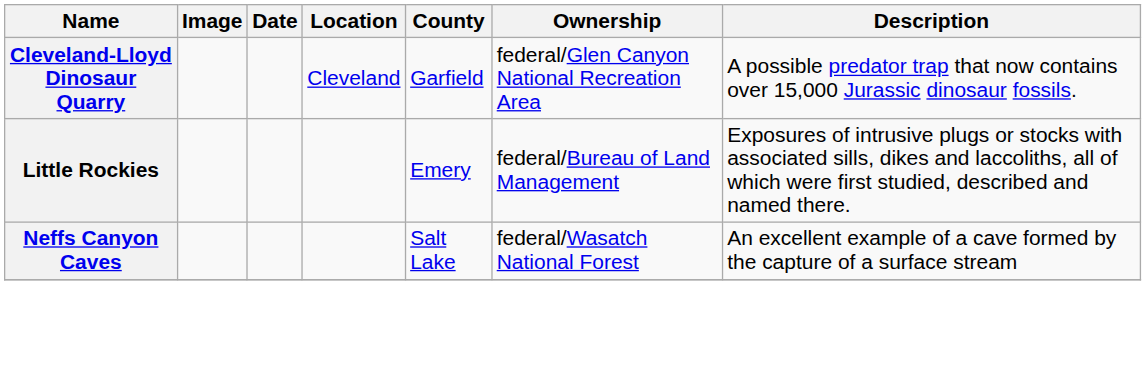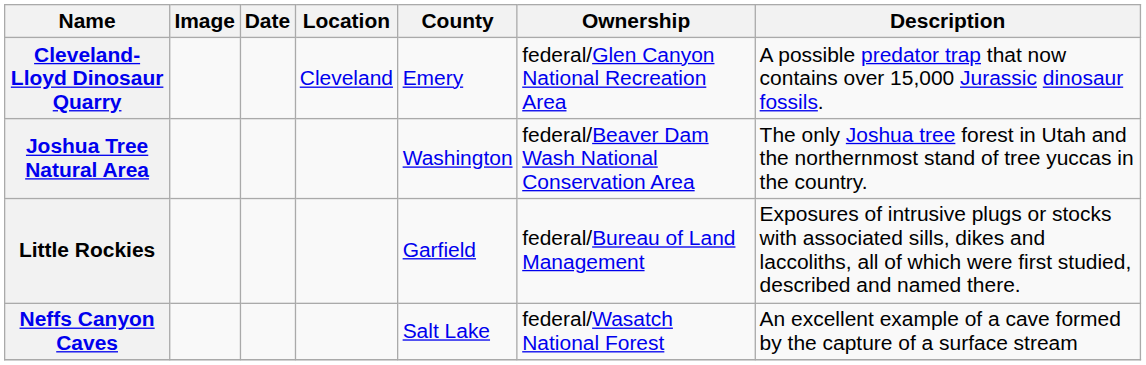 <table class="wikitable sortable" align="center">
 <tr>
 <th style="background-color:">Name</th>
 <th style="background-color:">Image</th>
 <th style="background-color:">Date</th>
 <th style="background-color:">Location</th>
 <th style="background-color:">County</th>
 <th style="background-color:">Ownership</th>
 <th style="background-color:">Description</th>
 </tr>
 <tr>
 <th><a href='#'>Cleveland-Lloyd Dinosaur Quarry</a></th>
 <td></td>
 <td></td>
 <td><a href='#'>Cleveland</a> <small></small></td>
-<td><a href='#'>Garfield</a></td>
+<td><a href='#'>Emery</a></td>
 <td>federal/<a href='#'>Glen Canyon National Recreation Area</a></td>
 <td>A possible <a href='#'>predator trap</a> that now contains over 15,000 <a href='#'>Jurassic</a> <a href='#'>dinosaur</a> <a href='#'>fossils</a>.</td>
+</tr>
+<tr>
+<th><a href='#'>Joshua Tree Natural Area</a></th>
+<td></td>
+<td></td>
+<td></td>
+<td><a href='#'>Washington</a></td>
+<td>federal/<a href='#'>Beaver Dam Wash National Conservation Area</a></td>
+<td>The only <a href='#'>Joshua tree</a> forest in Utah and the northernmost stand of tree yuccas in the country.</td>
 </tr>
 <tr>
 <th>Little Rockies</th>
 <td></td>
 <td></td>
 <td></td>
-<td><a href='#'>Emery</a></td>
+<td><a href='#'>Garfield</a></td>
 <td>federal/<a href='#'>Bureau of Land Management</a></td>
 <td>Exposures of intrusive plugs or stocks with associated sills, dikes and laccoliths, all of which were first studied, described and named there.</td>
 </tr>
 <tr>
 <th><a href='#'>Neffs Canyon Caves</a></th>
 <td></td>
 <td></td>
 <td></td>
 <td><a href='#'>Salt Lake</a></td>
 <td>federal/<a href='#'>Wasatch National Forest</a></td>
 <td>An excellent example of a cave formed by the capture of a surface stream</td>
 </tr>
 <tr>
 </tr>
 </table>
